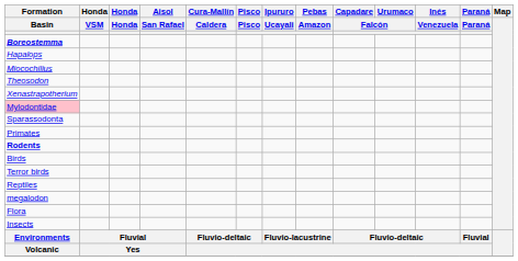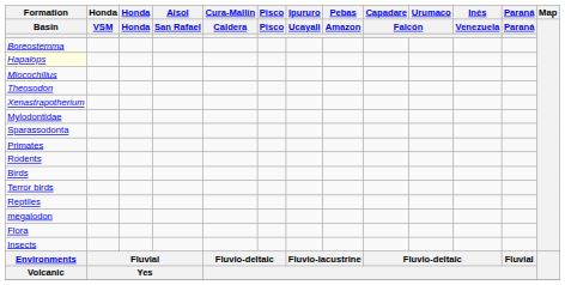 <table class="wikitable" style="font-size: 70%">
 <tr>
 <th>Formation</th>
 <th>Honda</th>
 <th><a href='#'>Honda</a></th>
 <th><a href='#'>Aisol</a></th>
 <th><a href='#'>Cura-Mallín</a></th>
 <th><a href='#'>Pisco</a></th>
 <th><a href='#'>Ipururo</a></th>
 <th><a href='#'>Pebas</a></th>
 <th><a href='#'>Capadare</a></th>
 <th><a href='#'>Urumaco</a></th>
 <th><a href='#'>Inés</a></th>
 <th><a href='#'>Paraná</a></th>
 <th>Map</th>
 </tr>
 <tr>
 <th>Basin</th>
 <th><a href='#'>VSM</a></th>
 <th><a href='#'>Honda</a></th>
 <th><a href='#'>San Rafael</a></th>
 <th><a href='#'>Caldera</a></th>
 <th><a href='#'>Pisco</a></th>
 <th><a href='#'>Ucayali</a></th>
 <th><a href='#'>Amazon</a></th>
 <th colspan=2><a href='#'>Falcón</a></th>
 <th><a href='#'>Venezuela</a></th>
 <th><a href='#'>Paraná</a></th>
 <th align=center rowspan=17></th>
 </tr>
 <tr>
 <th></th>
 <th></th>
 <th></th>
 <th></th>
 <th></th>
 <th colspan=3></th>
 <th colspan=3></th>
 <th></th>
 </tr>
 <tr>
-<td><strong><em><a href='#'>Boreostemma</a></em></strong></td>
+<td><em><a href='#'>Boreostemma</a></em></td>
 <td align=center></td>
 <td align=center></td>
 <td align=center></td>
 <td align=center></td>
 <td align=center></td>
 <td align=center></td>
 <td align=center></td>
 <td align=center></td>
 <td align=center></td>
 <td align=center></td>
 <td></td>
 </tr>
 <tr>
-<td><em><a href='#'>Hapalops</a></em></td>
+<td style="background: lightyellow;"><em><a href='#'>Hapalops</a></em></td>
 <td align=center></td>
 <td align=center></td>
 <td align=center></td>
 <td align=center></td>
 <td align=center></td>
 <td align=center></td>
 <td align=center></td>
 <td align=center></td>
 <td align=center></td>
 <td align=center></td>
 <td></td>
 </tr>
 <tr>
 <td><em><a href='#'>Miocochilius</a></em></td>
 <td align=center></td>
 <td align=center></td>
 <td align=center></td>
 <td align=center></td>
 <td align=center></td>
 <td align=center></td>
 <td align=center></td>
 <td align=center></td>
 <td align=center></td>
 <td align=center></td>
 <td></td>
 </tr>
 <tr>
 <td><em><a href='#'>Theosodon</a></em></td>
 <td align=center></td>
 <td align=center></td>
 <td align=center></td>
 <td align=center></td>
 <td align=center></td>
 <td align=center></td>
 <td align=center></td>
 <td align=center></td>
 <td align=center></td>
 <td align=center></td>
 <td></td>
 </tr>
 <tr>
 <td><em><a href='#'>Xenastrapotherium</a></em></td>
 <td align=center></td>
 <td align=center></td>
 <td align=center></td>
 <td align=center></td>
 <td align=center></td>
 <td align=center></td>
 <td align=center></td>
 <td align=center></td>
 <td align=center></td>
 <td align=center></td>
 <td></td>
 </tr>
 <tr>
-<td style="background: pink;"><a href='#'>Mylodontidae</a></td>
+<td><a href='#'>Mylodontidae</a></td>
 <td align=center></td>
 <td align=center></td>
 <td align=center></td>
 <td align=center></td>
 <td align=center></td>
 <td align=center></td>
 <td align=center></td>
 <td align=center></td>
 <td align=center></td>
 <td align=center></td>
 <td></td>
 </tr>
 <tr>
 <td><a href='#'>Sparassodonta</a></td>
 <td align=center></td>
 <td align=center></td>
 <td align=center></td>
 <td align=center></td>
 <td align=center></td>
 <td align=center></td>
 <td align=center></td>
 <td align=center></td>
 <td align=center></td>
 <td align=center></td>
 <td></td>
 </tr>
 <tr>
 <td><a href='#'>Primates</a></td>
 <td align=center></td>
 <td align=center></td>
 <td align=center></td>
 <td align=center></td>
 <td align=center></td>
 <td align=center></td>
 <td align=center></td>
 <td align=center></td>
 <td align=center></td>
 <td align=center></td>
 <td align=center></td>
 </tr>
 <tr>
-<td><strong><a href='#'>Rodents</a></strong></td>
+<td><a href='#'>Rodents</a></td>
 <td align=center></td>
 <td align=center></td>
 <td align=center></td>
 <td align=center></td>
 <td align=center></td>
 <td align=center></td>
 <td align=center></td>
 <td align=center></td>
 <td align=center></td>
 <td align=center></td>
 <td align=center></td>
 </tr>
 <tr>
 <td><a href='#'>Birds</a></td>
 <td align=center></td>
 <td align=center></td>
 <td align=center></td>
 <td align=center></td>
 <td align=center></td>
 <td align=center></td>
 <td align=center></td>
 <td align=center></td>
 <td align=center></td>
 <td align=center></td>
 <td></td>
 </tr>
 <tr>
 <td><a href='#'>Terror birds</a></td>
 <td align=center></td>
 <td align=center></td>
 <td align=center></td>
 <td align=center></td>
 <td align=center></td>
 <td align=center></td>
 <td align=center></td>
 <td align=center></td>
 <td align=center></td>
 <td align=center></td>
 <td align=center></td>
 </tr>
 <tr>
 <td><a href='#'>Reptiles</a></td>
 <td align=center></td>
 <td align=center></td>
 <td align=center></td>
 <td align=center></td>
 <td align=center></td>
 <td align=center></td>
 <td align=center></td>
 <td align=center></td>
 <td align=center></td>
 <td align=center></td>
 <td align=center></td>
 </tr>
 <tr>
 <td><a href='#'>megalodon</a></td>
 <td align=center></td>
 <td align=center></td>
 <td align=center></td>
 <td align=center></td>
 <td align=center></td>
 <td align=center></td>
 <td align=center></td>
 <td align=center></td>
 <td align=center></td>
 <td align=center></td>
 <td align=center></td>
 </tr>
 <tr>
 <td><a href='#'>Flora</a></td>
 <td align=center></td>
 <td align=center></td>
 <td align=center></td>
 <td align=center></td>
 <td align=center></td>
 <td align=center></td>
 <td align=center></td>
 <td align=center></td>
 <td align=center></td>
 <td align=center></td>
 <td align=center></td>
 </tr>
 <tr>
 <td><a href='#'>Insects</a></td>
 <td align=center></td>
 <td align=center></td>
 <td align=center></td>
 <td align=center></td>
 <td align=center></td>
 <td align=center></td>
 <td align=center></td>
 <td align=center></td>
 <td align=center></td>
 <td align=center></td>
 <td align=center></td>
 </tr>
 <tr>
 <th><a href='#'>Environments</a></th>
 <th colspan=3>Fluvial</th>
 <th colspan=2>Fluvio-deltaic</th>
 <th colspan=2>Fluvio-lacustrine</th>
 <th colspan=3>Fluvio-deltaic</th>
 <th>Fluvial</th>
 <th rowspan=2 align=left><br><br></th>
 </tr>
 <tr>
 <th>Volcanic</th>
 <th colspan=3>Yes</th>
 <th colspan=8></th>
 </tr>
 <tr>
 </tr>
 </table>
